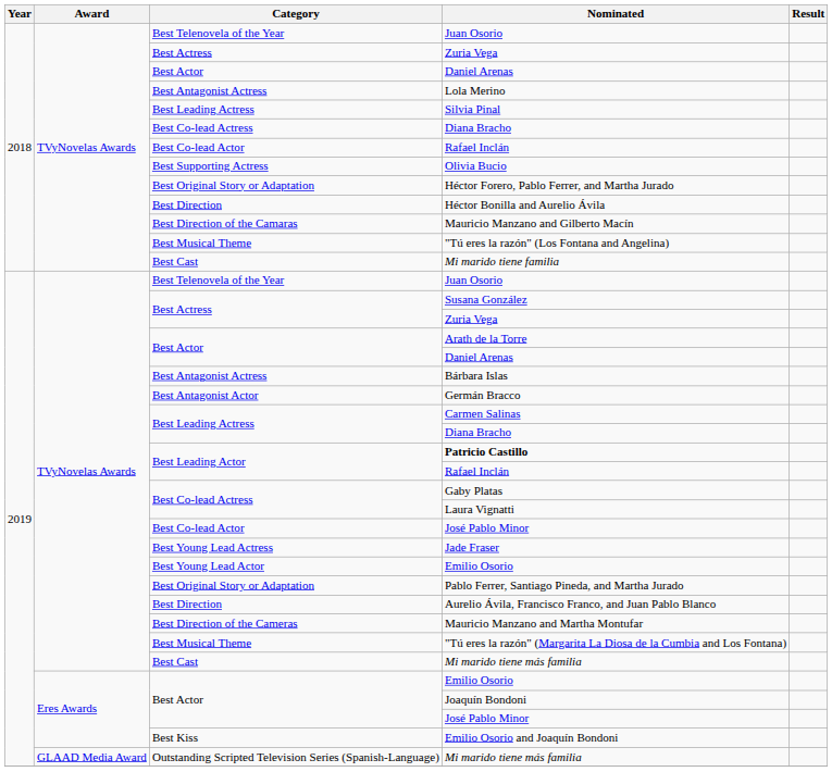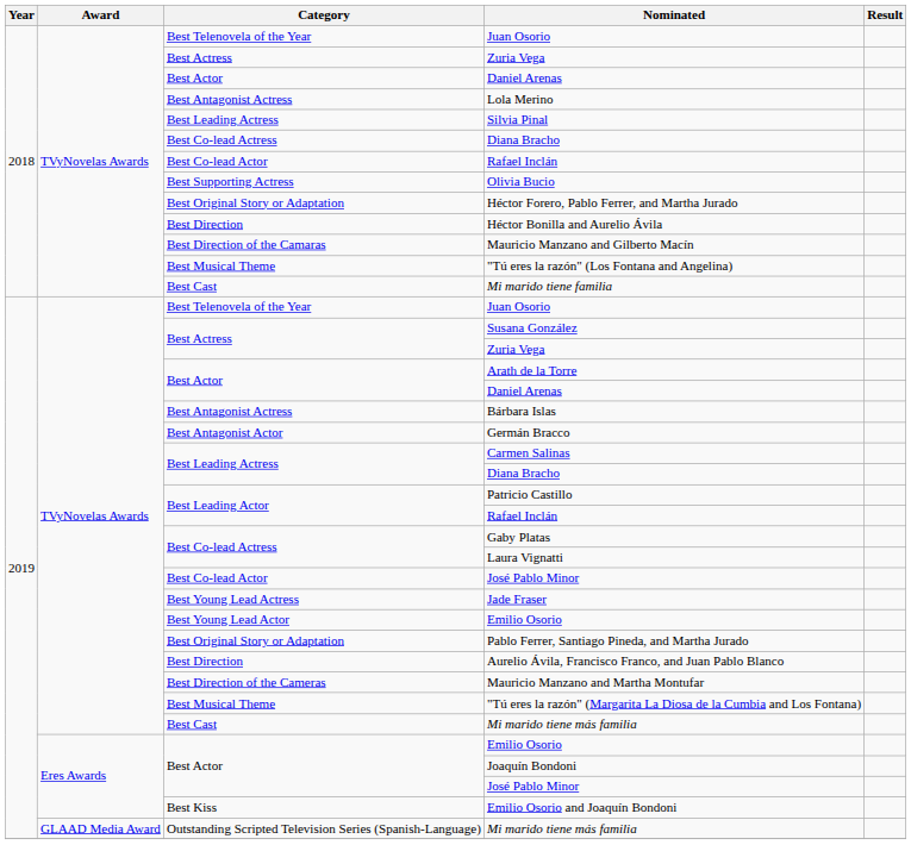 <table class="wikitable plainrowheaders">
 <tr>
 <th scope="col">Year</th>
 <th scope="col">Award</th>
 <th scope="col">Category</th>
 <th scope="col">Nominated</th>
 <th scope="col">Result</th>
 </tr>
 <tr>
 <td rowspan="13">2018</td>
 <td rowspan="13"><a href='#'>TVyNovelas Awards</a></td>
 <td><a href='#'>Best Telenovela of the Year</a></td>
 <td><a href='#'>Juan Osorio</a></td>
 <td></td>
 </tr>
 <tr>
 <td><a href='#'>Best Actress</a></td>
 <td><a href='#'>Zuria Vega</a></td>
 <td></td>
 </tr>
 <tr>
 <td><a href='#'>Best Actor</a></td>
 <td><a href='#'>Daniel Arenas</a></td>
 <td></td>
 </tr>
 <tr>
 <td><a href='#'>Best Antagonist Actress</a></td>
 <td>Lola Merino</td>
 <td></td>
 </tr>
 <tr>
 <td><a href='#'>Best Leading Actress</a></td>
 <td><a href='#'>Silvia Pinal</a></td>
 <td></td>
 </tr>
 <tr>
 <td><a href='#'>Best Co-lead Actress</a></td>
 <td><a href='#'>Diana Bracho</a></td>
 <td></td>
 </tr>
 <tr>
 <td><a href='#'>Best Co-lead Actor</a></td>
 <td><a href='#'>Rafael Inclán</a></td>
 <td></td>
 </tr>
 <tr>
 <td><a href='#'>Best Supporting Actress</a></td>
 <td><a href='#'>Olivia Bucio</a></td>
 <td></td>
 </tr>
 <tr>
 <td><a href='#'>Best Original Story or Adaptation</a></td>
 <td>Héctor Forero, Pablo Ferrer, and Martha Jurado</td>
 <td></td>
 </tr>
 <tr>
 <td><a href='#'>Best Direction</a></td>
 <td>Héctor Bonilla and Aurelio Ávila</td>
 <td></td>
 </tr>
 <tr>
 <td><a href='#'>Best Direction of the Camaras</a></td>
 <td>Mauricio Manzano and Gilberto Macín</td>
 <td></td>
 </tr>
 <tr>
 <td><a href='#'>Best Musical Theme</a></td>
 <td>"Tú eres la razón" (Los Fontana and Angelina)</td>
 <td></td>
 </tr>
 <tr>
 <td><a href='#'>Best Cast</a></td>
 <td><em>Mi marido tiene familia</em></td>
 <td></td>
 </tr>
 <tr>
 <td rowspan="26">2019</td>
 <td rowspan="21"><a href='#'>TVyNovelas Awards</a></td>
 <td><a href='#'>Best Telenovela of the Year</a></td>
 <td><a href='#'>Juan Osorio</a></td>
 <td></td>
 </tr>
 <tr>
 <td rowspan="2"><a href='#'>Best Actress</a></td>
 <td><a href='#'>Susana González</a></td>
 <td></td>
 </tr>
 <tr>
 <td><a href='#'>Zuria Vega</a></td>
 <td></td>
 </tr>
 <tr>
 <td rowspan="2"><a href='#'>Best Actor</a></td>
 <td><a href='#'>Arath de la Torre</a></td>
 <td></td>
 </tr>
 <tr>
 <td><a href='#'>Daniel Arenas</a></td>
 <td></td>
 </tr>
 <tr>
 <td><a href='#'>Best Antagonist Actress</a></td>
 <td>Bárbara Islas</td>
 <td></td>
 </tr>
 <tr>
 <td><a href='#'>Best Antagonist Actor</a></td>
 <td>Germán Bracco</td>
 <td></td>
 </tr>
 <tr>
 <td rowspan="2"><a href='#'>Best Leading Actress</a></td>
 <td><a href='#'>Carmen Salinas</a></td>
 <td></td>
 </tr>
 <tr>
 <td><a href='#'>Diana Bracho</a></td>
 <td></td>
 </tr>
 <tr>
 <td rowspan="2"><a href='#'>Best Leading Actor</a></td>
-<td><strong>Patricio Castillo</strong></td>
+<td>Patricio Castillo</td>
 <td></td>
 </tr>
 <tr>
 <td><a href='#'>Rafael Inclán</a></td>
 <td></td>
 </tr>
 <tr>
 <td rowspan="2"><a href='#'>Best Co-lead Actress</a></td>
 <td>Gaby Platas</td>
 <td></td>
 </tr>
 <tr>
 <td>Laura Vignatti</td>
 <td></td>
 </tr>
 <tr>
 <td><a href='#'>Best Co-lead Actor</a></td>
 <td><a href='#'>José Pablo Minor</a></td>
 <td></td>
 </tr>
 <tr>
 <td><a href='#'>Best Young Lead Actress</a></td>
 <td><a href='#'>Jade Fraser</a></td>
 <td></td>
 </tr>
 <tr>
 <td><a href='#'>Best Young Lead Actor</a></td>
 <td><a href='#'>Emilio Osorio</a></td>
 <td></td>
 </tr>
 <tr>
 <td><a href='#'>Best Original Story or Adaptation</a></td>
 <td>Pablo Ferrer, Santiago Pineda, and Martha Jurado</td>
 <td></td>
 </tr>
 <tr>
 <td><a href='#'>Best Direction</a></td>
 <td>Aurelio Ávila, Francisco Franco, and Juan Pablo Blanco</td>
 <td></td>
 </tr>
 <tr>
 <td><a href='#'>Best Direction of the Cameras</a></td>
 <td>Mauricio Manzano and Martha Montufar</td>
 <td></td>
 </tr>
 <tr>
 <td><a href='#'>Best Musical Theme</a></td>
 <td>"Tú eres la razón" (<a href='#'>Margarita La Diosa de la Cumbia</a> and Los Fontana)</td>
 <td></td>
 </tr>
 <tr>
 <td><a href='#'>Best Cast</a></td>
 <td><em>Mi marido tiene más familia</em></td>
 <td></td>
 </tr>
 <tr>
 <td rowspan="4"><a href='#'>Eres Awards</a></td>
 <td rowspan="3">Best Actor</td>
 <td><a href='#'>Emilio Osorio</a></td>
 <td></td>
 </tr>
 <tr>
 <td>Joaquín Bondoni</td>
 <td></td>
 </tr>
 <tr>
 <td><a href='#'>José Pablo Minor</a></td>
 <td></td>
 </tr>
 <tr>
 <td>Best Kiss</td>
 <td><a href='#'>Emilio Osorio</a> and Joaquín Bondoni</td>
 <td></td>
 </tr>
 <tr>
 <td><a href='#'>GLAAD Media Award</a></td>
 <td>Outstanding Scripted Television Series (Spanish-Language)</td>
 <td><em>Mi marido tiene más familia</em></td>
 <td></td>
 </tr>
 <tr>
 </tr>
 </table>
